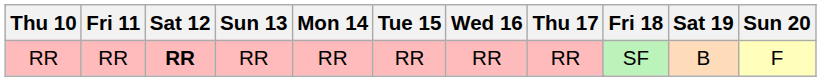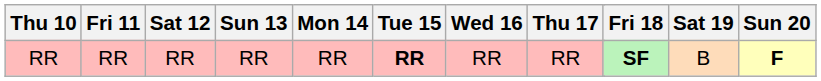 <table class="wikitable" style="margin:0.5em auto; font-size:90%; line-height:1.25em;text-align:center">
 <tr>
 <th>Thu 10</th>
 <th>Fri 11</th>
 <th>Sat 12</th>
 <th>Sun 13</th>
 <th>Mon 14</th>
 <th>Tue 15</th>
 <th>Wed 16</th>
 <th colspan="2">Thu 17</th>
 <th>Fri 18</th>
 <th>Sat 19</th>
 <th>Sun 20</th>
 </tr>
 <tr>
 <td style="background-color:#FFBBBB">RR</td>
 <td style="background-color:#FFBBBB">RR</td>
-<td style="background-color:#FFBBBB"><strong>RR</strong></td>
 <td style="background-color:#FFBBBB">RR</td>
 <td style="background-color:#FFBBBB">RR</td>
 <td style="background-color:#FFBBBB">RR</td>
+<td style="background-color:#FFBBBB"><strong>RR</strong></td>
 <td style="background-color:#FFBBBB">RR</td>
 <td style="background-color:#FFBBBB" colspan="2">RR</td>
-<td style="background-color:#BBF3BB">SF</td>
+<td style="background-color:#BBF3BB"><strong>SF</strong></td>
 <td style="background-color:#FEDCBA">B</td>
-<td style="background-color:#FFFFBB">F</td>
+<td style="background-color:#FFFFBB"><strong>F</strong></td>
 </tr>
 </table>
